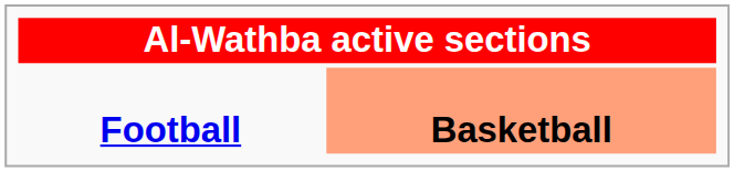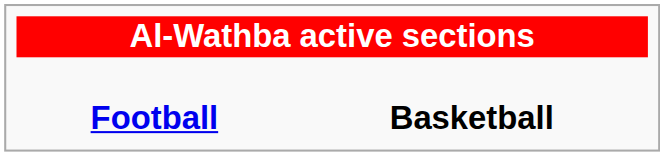 <table class="infobox" style="width: 20em; font-size: 95%em;">
 <tr style="color:white; background:#FF0000; text-align:center;">
 <th colspan="3">Al-Wathba active sections</th>
 </tr>
 <tr style="text-align: center">
 <td><br><strong><a href='#'>Football</a></strong></td>
-<td style="background: lightsalmon;"><br><strong>Basketball</strong></td>
+<td><br><strong>Basketball</strong></td>
 </tr>
 </table>
